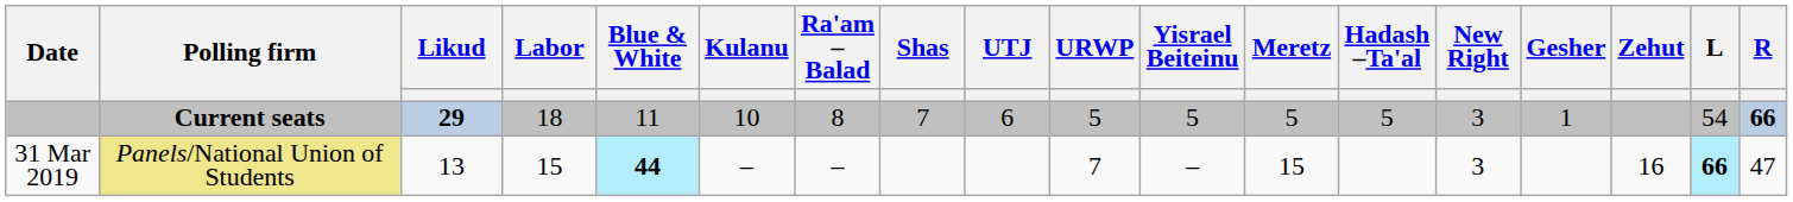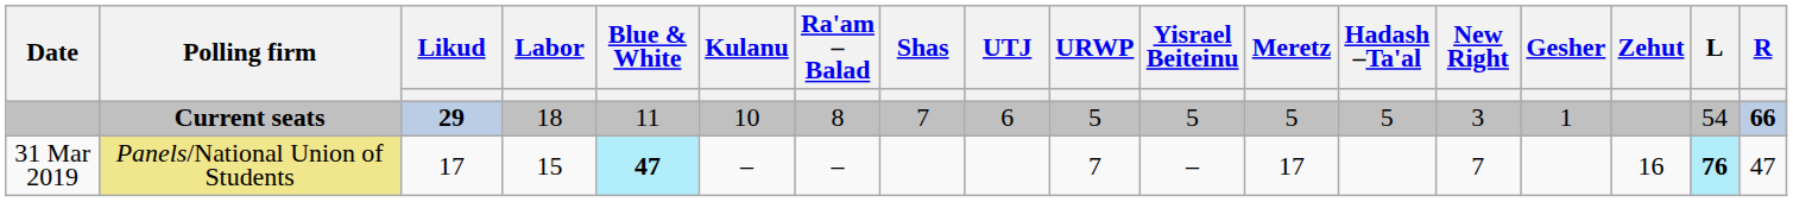 <table class="wikitable sortable" style="text-align:center;font-size:90%;line-height:13px">
 <tr>
 <th style="width:45px;" rowspan="2">Date</th>
 <th style="width:160px;" rowspan="2">Polling firm</th>
 <th class="unsortable" style="width:50px;"><a href='#'>Likud</a></th>
 <th class="unsortable" style="width:45px;"><a href='#'>Labor</a></th>
 <th class="unsortable" style="width:50px;"><a href='#'>Blue &<br>White</a></th>
 <th class="unsortable" style="width:40px;"><a href='#'>Kulanu</a></th>
 <th class="unsortable" style="width:40px;"><a href='#'>Ra'am</a><br>–<a href='#'>Balad</a></th>
 <th class="unsortable" style="width:40px;"><a href='#'>Shas</a></th>
 <th class="unsortable" style="width:40px;"><a href='#'>UTJ</a></th>
 <th class="unsortable" style="width:40px;"><a href='#'>URWP</a></th>
 <th class="unsortable" style="width:40px;"><a href='#'>Yisrael<br>Beiteinu</a></th>
 <th class="unsortable" style="width:45px;"><a href='#'>Meretz</a></th>
 <th class="unsortable" style="width:40px;"><a href='#'>Hadash</a><br>–<a href='#'>Ta'al</a></th>
 <th class="unsortable" style="width:40px;"><a href='#'>New<br>Right</a></th>
 <th class="unsortable" style="width:40px;"><a href='#'>Gesher</a></th>
 <th class="unsortable" style="width:35px;"><a href='#'>Zehut</a></th>
 <th class="unsortable" style="width:20px;">L</th>
 <th class="unsortable" style="width:20px;"><a href='#'>R</a></th>
 </tr>
 <tr>
 <th style="color:inherit;background:"></th>
 <th style="color:inherit;background:"></th>
 <th style="color:inherit;background:"></th>
 <th style="color:inherit;background:"></th>
 <th style="color:inherit;background:"></th>
 <th style="color:inherit;background:"></th>
 <th style="color:inherit;background:"></th>
 <th style="color:inherit;background:"></th>
 <th style="color:inherit;background:"></th>
 <th style="color:inherit;background:"></th>
 <th style="color:inherit;background:"></th>
 <th style="color:inherit;background:"></th>
 <th style="color:inherit;background:"></th>
 <th style="color:inherit;background:"></th>
 <th style="color:inherit;background:"></th>
 <th style="color:inherit;background:"></th>
 </tr>
 <tr>
 <td style="background:silver"></td>
 <td style="background:silver"><strong>Current seats</strong></td>
 <td style="background:#BBCDE4"><strong>29</strong></td>
 <td style="background:silver">18</td>
 <td style="background:silver">11</td>
 <td style="background:silver">10</td>
 <td style="background:silver">8</td>
 <td style="background:silver">7</td>
 <td style="background:silver">6</td>
 <td style="background:silver">5</td>
 <td style="background:silver">5</td>
 <td style="background:silver">5</td>
 <td style="background:silver">5</td>
 <td style="background:silver">3</td>
 <td style="background:silver">1</td>
 <td style="background:silver"></td>
 <td style="background:silver">54</td>
 <td style="background:#BBCDE4"><strong>66</strong></td>
 </tr>
 <tr>
 <td data-sort-value="2019-03-31">31 Mar 2019</td>
 <td style="background: khaki;"><em>Panels</em>/National Union of Students </td>
-<td>13					</td>
+<td>17					</td>
 <td>15					</td>
-<td style="background:#B2EDFB"><strong>44</strong>	</td>
+<td style="background:#B2EDFB"><strong>47</strong>	</td>
 <td>–					</td>
 <td>–					</td>
 <td>			</td>
 <td>			</td>
 <td>7					</td>
 <td>–					</td>
-<td>15					</td>
+<td>17					</td>
 <td>			</td>
-<td>3					</td>
+<td>7					</td>
 <td>			</td>
 <td>16					</td>
-<td style="background:#B2EDFB"><strong>66</strong>	</td>
+<td style="background:#B2EDFB"><strong>76</strong>	</td>
 <td>47					</td>
 </tr>
 </table>
